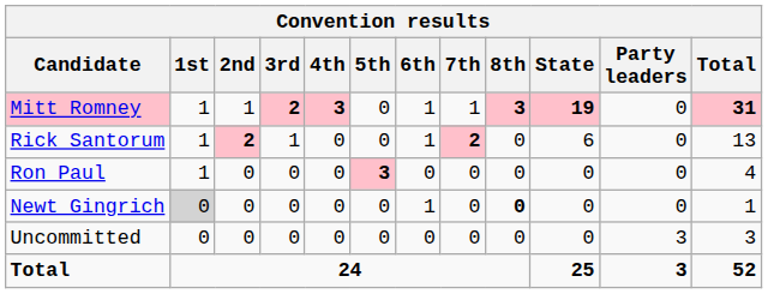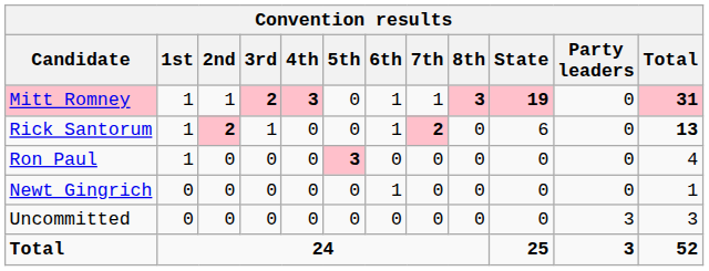 <table class="wikitable">
 <tr>
 <th colspan="12">Convention results</th>
 </tr>
 <tr>
 <th>Candidate</th>
 <th>1st</th>
 <th>2nd</th>
 <th>3rd</th>
 <th>4th</th>
 <th>5th</th>
 <th>6th</th>
 <th>7th</th>
 <th>8th</th>
 <th>State</th>
 <th>Party<br>leaders</th>
 <th>Total</th>
 </tr>
 <tr style="text-align:right;">
 <td align="left" bgcolor="pink"><a href='#'>Mitt Romney</a></td>
 <td>1</td>
 <td>1</td>
 <td bgcolor="pink"><strong>2</strong></td>
 <td bgcolor="pink"><strong>3</strong></td>
 <td>0</td>
 <td>1</td>
 <td>1</td>
 <td bgcolor="pink"><strong>3</strong></td>
 <td bgcolor="pink"><strong>19</strong></td>
 <td>0</td>
 <td bgcolor="pink"><strong>31</strong></td>
 </tr>
 <tr style="text-align:right;">
 <td align="left"><a href='#'>Rick Santorum</a></td>
 <td>1</td>
 <td bgcolor="pink"><strong>2</strong></td>
 <td>1</td>
 <td>0</td>
 <td>0</td>
 <td>1</td>
 <td bgcolor="pink"><strong>2</strong></td>
 <td>0</td>
 <td>6</td>
 <td>0</td>
-<td>13</td>
+<td><strong>13</strong></td>
 </tr>
 <tr style="text-align:right;">
 <td align="left"><a href='#'>Ron Paul</a></td>
 <td>1</td>
 <td>0</td>
 <td>0</td>
 <td>0</td>
 <td bgcolor="pink"><strong>3</strong></td>
 <td>0</td>
 <td>0</td>
 <td>0</td>
 <td>0</td>
 <td>0</td>
 <td>4</td>
 </tr>
 <tr style="text-align:right;">
 <td align="left"><a href='#'>Newt Gingrich</a></td>
-<td style="background: lightgrey;">0</td>
+<td>0</td>
 <td>0</td>
 <td>0</td>
 <td>0</td>
 <td>0</td>
 <td>1</td>
 <td>0</td>
-<td><strong>0</strong></td>
+<td>0</td>
 <td>0</td>
 <td>0</td>
 <td>1</td>
 </tr>
 <tr style="text-align:right;">
 <td align="left">Uncommitted</td>
 <td>0</td>
 <td>0</td>
 <td>0</td>
 <td>0</td>
 <td>0</td>
 <td>0</td>
 <td>0</td>
 <td>0</td>
 <td>0</td>
 <td>3</td>
 <td>3</td>
 </tr>
 <tr style="text-align:right;">
 <td align="left"><strong>Total</strong></td>
 <td colspan="8" align="center"><strong>24</strong></td>
 <td><strong>25</strong></td>
 <td><strong>3</strong></td>
 <td><strong>52</strong></td>
 </tr>
 </table>
